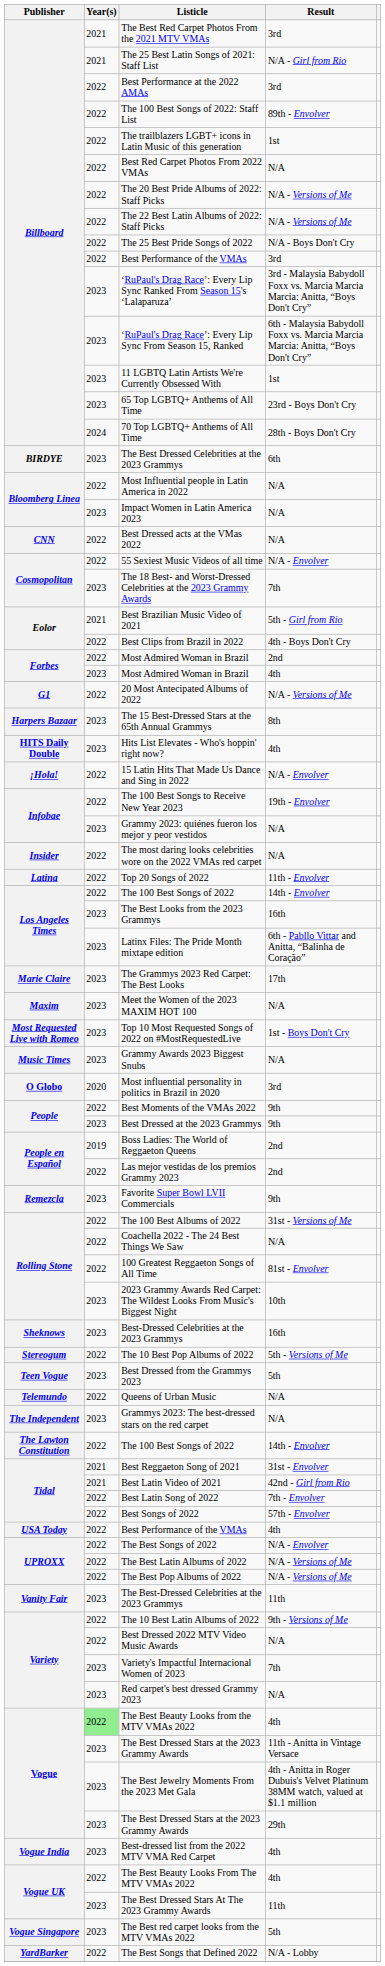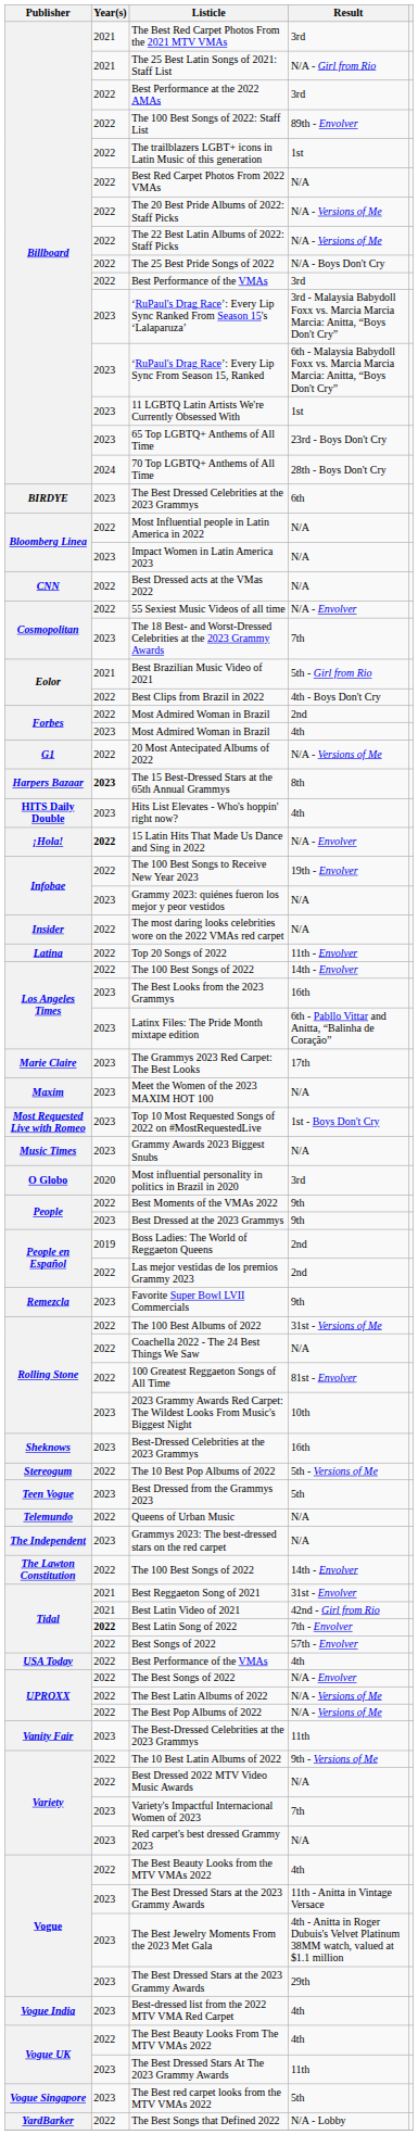 <table class="wikitable sortable plainrowheaders">
 <tr style="background:#ccc; text-align:center;">
 <th>Publisher</th>
 <th scope="col">Year(s)</th>
 <th scope="col">Listicle</th>
 <th scope="col">Result</th>
 <th scope="col" class="unsortable"></th>
 </tr>
 <tr>
 <th rowspan="15" scope="row"><em><a href='#'>Billboard</a></em></th>
 <td>2021</td>
 <td>The Best Red Carpet Photos From the <a href='#'>2021 MTV VMAs</a></td>
 <td>3rd</td>
 <td></td>
 </tr>
 <tr>
 <td>2021</td>
 <td>The 25 Best Latin Songs of 2021: Staff List</td>
 <td>N/A - <em><a href='#'>Girl from Rio</a></em></td>
 <td></td>
 </tr>
 <tr>
 <td>2022</td>
 <td>Best Performance at the 2022 <a href='#'>AMAs</a></td>
 <td>3rd</td>
 <td></td>
 </tr>
 <tr>
 <td>2022</td>
 <td>The 100 Best Songs of 2022: Staff List</td>
 <td>89th - <em><a href='#'>Envolver</a></em></td>
 <td></td>
 </tr>
 <tr>
 <td>2022</td>
 <td>The trailblazers LGBT+ icons in Latin Music of this generation</td>
 <td>1st</td>
 <td></td>
 </tr>
 <tr>
 <td>2022</td>
 <td>Best Red Carpet Photos From 2022 VMAs</td>
 <td>N/A</td>
 <td></td>
 </tr>
 <tr>
 <td>2022</td>
 <td>The 20 Best Pride Albums of 2022: Staff Picks</td>
 <td>N/A - <em><a href='#'>Versions of Me</a></em></td>
 <td></td>
 </tr>
 <tr>
 <td>2022</td>
 <td>The 22 Best Latin Albums of 2022: Staff Picks</td>
 <td>N/A - <em><a href='#'>Versions of Me</a></em></td>
 <td></td>
 </tr>
 <tr>
 <td>2022</td>
 <td>The 25 Best Pride Songs of 2022</td>
 <td>N/A - Boys Don't Cry</td>
 <td></td>
 </tr>
 <tr>
 <td>2022</td>
 <td>Best Performance of the <a href='#'>VMAs</a></td>
 <td>3rd</td>
 <td></td>
 </tr>
 <tr>
 <td>2023</td>
 <td>‘<a href='#'>RuPaul's Drag Race</a>’: Every Lip Sync Ranked From <a href='#'>Season 15</a>'s ‘Lalaparuza’</td>
 <td>3rd - Malaysia Babydoll Foxx vs. Marcia Marcia Marcia: Anitta, “Boys Don't Cry”</td>
 <td></td>
 </tr>
 <tr>
 <td>2023</td>
 <td>‘<a href='#'>RuPaul's Drag Race</a>’: Every Lip Sync From Season 15, Ranked</td>
 <td>6th - Malaysia Babydoll Foxx vs. Marcia Marcia Marcia: Anitta, “Boys Don't Cry”</td>
 <td style="text-align:center;"></td>
 </tr>
 <tr>
 <td>2023</td>
 <td>11 LGBTQ Latin Artists We're Currently Obsessed With</td>
 <td>1st</td>
 <td></td>
 </tr>
 <tr>
 <td>2023</td>
 <td>65 Top LGBTQ+ Anthems of All Time</td>
 <td>23rd - Boys Don't Cry</td>
 <td style="text-align:center;"></td>
 </tr>
 <tr>
 <td>2024</td>
 <td>70 Top LGBTQ+ Anthems of All Time</td>
 <td>28th - Boys Don't Cry</td>
 <td></td>
 </tr>
 <tr>
 <th scope="row"><em>BIRDYE</em></th>
 <td>2023</td>
 <td>The Best Dressed Celebrities at the 2023 Grammys</td>
 <td>6th</td>
 <td></td>
 </tr>
 <tr>
 <th rowspan="2" scope="row"><em><a href='#'>Bloomberg Linea</a></em></th>
 <td>2022</td>
 <td>Most Influential people in Latin America in 2022</td>
 <td>N/A</td>
 <td></td>
 </tr>
 <tr>
 <td>2023</td>
 <td>Impact Women in Latin America 2023</td>
 <td>N/A</td>
 <td></td>
 </tr>
 <tr>
 <th scope="row"><em><a href='#'>CNN</a></em></th>
 <td>2022</td>
 <td>Best Dressed acts at the VMas 2022</td>
 <td>N/A</td>
 <td></td>
 </tr>
 <tr>
 <th rowspan="2" scope="row"><em><a href='#'>Cosmopolitan</a></em></th>
 <td>2022</td>
 <td>55 Sexiest Music Videos of all time</td>
 <td>N/A - <em><a href='#'>Envolver</a></em></td>
 <td></td>
 </tr>
 <tr>
 <td>2023</td>
 <td>The 18 Best- and Worst-Dressed Celebrities at the <a href='#'>2023 Grammy Awards</a></td>
 <td>7th</td>
 <td></td>
 </tr>
 <tr>
 <th rowspan="2" scope="row"><em>Eolor</em></th>
 <td>2021</td>
 <td>Best Brazilian Music Video of 2021</td>
 <td>5th - <em><a href='#'>Girl from Rio</a></em></td>
 <td></td>
 </tr>
 <tr>
 <td>2022</td>
 <td>Best Clips from Brazil in 2022</td>
 <td>4th - Boys Don't Cry</td>
 <td></td>
 </tr>
 <tr>
 <th rowspan="2" scope="row"><em><a href='#'>Forbes</a></em></th>
 <td>2022</td>
 <td>Most Admired Woman in Brazil</td>
 <td>2nd</td>
 <td></td>
 </tr>
 <tr>
 <td>2023</td>
 <td>Most Admired Woman in Brazil</td>
 <td>4th</td>
 <td></td>
 </tr>
 <tr>
 <th scope="row"><em><a href='#'>G1</a></em></th>
 <td>2022</td>
 <td>20 Most Antecipated Albums of 2022</td>
 <td>N/A - <em><a href='#'>Versions of Me</a></em></td>
 <td></td>
 </tr>
 <tr>
 <th scope="row"><em><a href='#'>Harpers Bazaar</a></em></th>
-<td>2023</td>
+<td><strong>2023</strong></td>
 <td>The 15 Best-Dressed Stars at the 65th Annual Grammys</td>
 <td>8th</td>
 <td></td>
 </tr>
 <tr>
 <th scope="row"><a href='#'>HITS Daily Double</a></th>
 <td>2023</td>
 <td>Hits List Elevates - Who's hoppin' right now?</td>
 <td>4th</td>
 <td></td>
 </tr>
 <tr>
 <th scope="row"><em><a href='#'>¡Hola!</a></em></th>
-<td>2022</td>
+<td><strong>2022</strong></td>
 <td>15 Latin Hits That Made Us Dance and Sing in 2022</td>
 <td>N/A - <em><a href='#'>Envolver</a></em></td>
 <td></td>
 </tr>
 <tr>
 <th rowspan="2" scope="row"><em><a href='#'>Infobae</a></em></th>
 <td>2022</td>
 <td>The 100 Best Songs to Receive New Year 2023</td>
 <td>19th - <em><a href='#'>Envolver</a></em></td>
 <td></td>
 </tr>
 <tr>
 <td>2023</td>
 <td>Grammy 2023: quiénes fueron los mejor y peor vestidos</td>
 <td>N/A</td>
 <td></td>
 </tr>
 <tr>
 <th scope="row"><em><a href='#'>Insider</a></em></th>
 <td>2022</td>
 <td>The most daring looks celebrities wore on the 2022 VMAs red carpet</td>
 <td>N/A</td>
 <td></td>
 </tr>
 <tr>
 <th scope="row"><a href='#'><em>Latina</em></a></th>
 <td>2022</td>
 <td>Top 20 Songs of 2022</td>
 <td>11th - <em><a href='#'>Envolver</a></em></td>
 <td></td>
 </tr>
 <tr>
 <th rowspan="3" scope="row"><em><a href='#'>Los Angeles Times</a></em></th>
 <td>2022</td>
 <td>The 100 Best Songs of 2022</td>
 <td>14th - <em><a href='#'>Envolver</a></em></td>
 <td></td>
 </tr>
 <tr>
 <td>2023</td>
 <td>The Best Looks from the 2023 Grammys</td>
 <td>16th</td>
 <td></td>
 </tr>
 <tr>
 <td>2023</td>
 <td>Latinx Files: The Pride Month mixtape edition</td>
 <td>6th - <a href='#'>Pabllo Vittar</a> and Anitta, “Balinha de Coração”</td>
 <td></td>
 </tr>
 <tr>
 <th scope="row"><em><a href='#'>Marie Claire</a></em></th>
 <td>2023</td>
 <td>The Grammys 2023 Red Carpet: The Best Looks</td>
 <td>17th</td>
 <td></td>
 </tr>
 <tr>
 <th scope="row"><a href='#'><em>Maxim</em></a></th>
 <td>2023</td>
 <td>Meet the Women of the 2023 MAXIM HOT 100</td>
 <td>N/A</td>
 <td></td>
 </tr>
 <tr>
 <th scope="row"><a href='#'><em>Most Requested Live with Romeo</em></a></th>
 <td>2023</td>
 <td>Top 10 Most Requested Songs of 2022 on #MostRequestedLive</td>
 <td>1st - <a href='#'>Boys Don't Cry</a></td>
 <td></td>
 </tr>
 <tr>
 <th scope="row"><em><a href='#'>Music Times</a></em></th>
 <td>2023</td>
 <td>Grammy Awards 2023 Biggest Snubs</td>
 <td>N/A</td>
 <td></td>
 </tr>
 <tr>
 <th scope="row"><a href='#'>O Globo</a></th>
 <td>2020</td>
 <td>Most influential personality in politics in Brazil in 2020</td>
 <td>3rd</td>
 <td></td>
 </tr>
 <tr>
 <th rowspan="2" scope="row"><em><a href='#'>People</a></em></th>
 <td>2022</td>
 <td>Best Moments of the VMAs 2022</td>
 <td>9th</td>
 <td></td>
 </tr>
 <tr>
 <td>2023</td>
 <td>Best Dressed at the 2023 Grammys</td>
 <td>9th</td>
 <td></td>
 </tr>
 <tr>
 <th rowspan="2" scope="row"><em><a href='#'>People en Español</a></em></th>
 <td>2019</td>
 <td>Boss Ladies: The World of Reggaeton Queens</td>
 <td>2nd</td>
 <td></td>
 </tr>
 <tr>
 <td>2022</td>
 <td>Las mejor vestidas de los premios Grammy 2023</td>
 <td>2nd</td>
 <td></td>
 </tr>
 <tr>
 <th scope="row"><em><a href='#'>Remezcla</a></em></th>
 <td>2023</td>
 <td>Favorite <a href='#'>Super Bowl LVII</a> Commercials</td>
 <td>9th</td>
 <td></td>
 </tr>
 <tr>
 <th rowspan="4" scope="row"><em><a href='#'>Rolling Stone</a></em></th>
 <td>2022</td>
 <td>The 100 Best Albums of 2022</td>
 <td>31st - <em><a href='#'>Versions of Me</a></em></td>
 <td></td>
 </tr>
 <tr>
 <td>2022</td>
 <td>Coachella 2022 - The 24 Best Things We Saw</td>
 <td>N/A</td>
 <td></td>
 </tr>
 <tr>
 <td>2022</td>
 <td>100 Greatest Reggaeton Songs of All Time</td>
 <td>81st - <em><a href='#'>Envolver</a></em></td>
 <td></td>
 </tr>
 <tr>
 <td>2023</td>
 <td>2023 Grammy Awards Red Carpet: The Wildest Looks From Music's Biggest Night</td>
 <td>10th</td>
 <td></td>
 </tr>
 <tr>
 <th scope="row"><em><a href='#'>Sheknows</a></em></th>
 <td>2023</td>
 <td>Best-Dressed Celebrities at the 2023 Grammys</td>
 <td>16th</td>
 <td></td>
 </tr>
 <tr>
 <th scope="row"><em><a href='#'>Stereogum</a></em></th>
 <td>2022</td>
 <td>The 10 Best Pop Albums of 2022</td>
 <td>5th - <em><a href='#'>Versions of Me</a></em></td>
 <td></td>
 </tr>
 <tr>
 <th scope="row"><em><a href='#'>Teen Vogue</a></em></th>
 <td>2023</td>
 <td>Best Dressed from the Grammys 2023</td>
 <td>5th</td>
 <td></td>
 </tr>
 <tr>
 <th scope="row"><em><a href='#'>Telemundo</a></em></th>
 <td>2022</td>
 <td>Queens of Urban Music</td>
 <td>N/A</td>
 <td></td>
 </tr>
 <tr>
 <th scope="row"><em><a href='#'>The Independent</a></em></th>
 <td>2023</td>
 <td>Grammys 2023: The best-dressed stars on the red carpet</td>
 <td>N/A</td>
 <td></td>
 </tr>
 <tr>
 <th scope="row"><a href='#'><em>The Lawton Constitution</em></a></th>
 <td>2022</td>
 <td>The 100 Best Songs of 2022</td>
 <td>14th - <em><a href='#'>Envolver</a></em></td>
 <td></td>
 </tr>
 <tr>
 <th rowspan="4" scope="row"><em><a href='#'>Tidal</a></em></th>
 <td>2021</td>
 <td>Best Reggaeton Song of 2021</td>
 <td>31st - <em><a href='#'>Envolver</a></em></td>
 <td></td>
 </tr>
 <tr>
 <td>2021</td>
 <td>Best Latin Video of 2021</td>
 <td>42nd - <em><a href='#'>Girl from Rio</a></em></td>
 <td></td>
 </tr>
 <tr>
-<td>2022</td>
+<td><strong>2022</strong></td>
 <td>Best Latin Song of 2022</td>
 <td>7th - <em><a href='#'>Envolver</a></em></td>
 <td></td>
 </tr>
 <tr>
 <td>2022</td>
 <td>Best Songs of 2022</td>
 <td>57th - <em><a href='#'>Envolver</a></em></td>
 <td></td>
 </tr>
 <tr>
 <th scope="row"><em><a href='#'>USA Today</a></em></th>
 <td>2022</td>
 <td>Best Performance of the <a href='#'>VMAs</a></td>
 <td>4th</td>
 <td></td>
 </tr>
 <tr>
 <th rowspan="3" scope="row"><em><a href='#'>UPROXX</a></em></th>
 <td>2022</td>
 <td>The Best Songs of 2022</td>
 <td>N/A - <em><a href='#'>Envolver</a></em></td>
 <td></td>
 </tr>
 <tr>
 <td>2022</td>
 <td>The Best Latin Albums of 2022</td>
 <td>N/A - <em><a href='#'>Versions of Me</a></em></td>
 <td></td>
 </tr>
 <tr>
 <td>2022</td>
 <td>The Best Pop Albums of 2022</td>
 <td>N/A - <em><a href='#'>Versions of Me</a></em></td>
 <td></td>
 </tr>
 <tr>
 <th scope="row"><em><a href='#'>Vanity Fair</a></em></th>
 <td>2023</td>
 <td>The Best-Dressed Celebrities at the 2023 Grammys</td>
 <td>11th</td>
 <td></td>
 </tr>
 <tr>
 <th rowspan="4" scope="row"><a href='#'><em>Variety</em></a></th>
 <td>2022</td>
 <td>The 10 Best Latin Albums of 2022</td>
 <td>9th - <em><a href='#'>Versions of Me</a></em></td>
 <td></td>
 </tr>
 <tr>
 <td>2022</td>
 <td>Best Dressed 2022 MTV Video Music Awards</td>
 <td>N/A</td>
 <td></td>
 </tr>
 <tr>
 <td>2023</td>
 <td>Variety's Impactful Internacional Women of 2023</td>
 <td>7th</td>
 <td></td>
 </tr>
 <tr>
 <td>2023</td>
 <td>Red carpet's best dressed Grammy 2023</td>
 <td>N/A</td>
 <td></td>
 </tr>
 <tr>
 <th rowspan="4" scope="row"><a href='#'>Vogue</a></th>
-<td style="background: lightgreen;">2022</td>
+<td>2022</td>
 <td>The Best Beauty Looks from the MTV VMAs 2022</td>
 <td>4th</td>
 <td></td>
 </tr>
 <tr>
 <td>2023</td>
 <td>The Best Dressed Stars at the 2023 Grammy Awards</td>
 <td>11th - Anitta in Vintage Versace</td>
 <td></td>
 </tr>
 <tr>
 <td>2023</td>
 <td>The Best Jewelry Moments From the 2023 Met Gala</td>
 <td>4th - Anitta in Roger Dubuis's Velvet Platinum 38MM watch, valued at $1.1 million</td>
 <td></td>
 </tr>
 <tr>
 <td>2023</td>
 <td>The Best Dressed Stars at the 2023 Grammy Awards</td>
 <td>29th</td>
 <td></td>
 </tr>
 <tr>
 <th scope="row"><em><a href='#'>Vogue India</a></em></th>
 <td>2023</td>
 <td>Best-dressed list from the 2022 MTV VMA Red Carpet</td>
 <td>4th</td>
 <td></td>
 </tr>
 <tr>
 <th rowspan="2" scope="row"><em><a href='#'>Vogue UK</a></em></th>
 <td>2022</td>
 <td>The Best Beauty Looks From The MTV VMAs 2022</td>
 <td>4th</td>
 <td></td>
 </tr>
 <tr>
 <td>2023</td>
 <td>The Best Dressed Stars At The 2023 Grammy Awards</td>
 <td>11th</td>
 <td></td>
 </tr>
 <tr>
 <th scope="row"><em><a href='#'>Vogue Singapore</a></em></th>
 <td>2023</td>
 <td>The Best red carpet looks from the MTV VMAs 2022</td>
 <td>5th</td>
 <td></td>
 </tr>
 <tr>
 <th scope="row"><a href='#'><em>YardBarker</em></a></th>
 <td>2022</td>
 <td>The Best Songs that Defined 2022</td>
 <td>N/A - Lobby</td>
 <td></td>
 </tr>
 <tr>
 </tr>
 </table>
